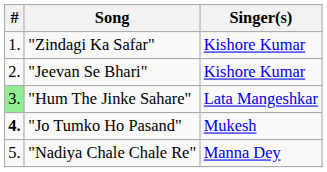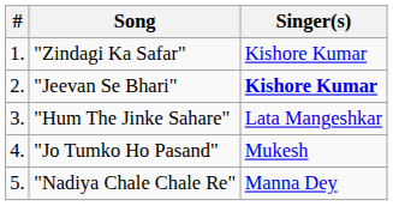 <table class="wikitable" style="font-size:95%;">
 <tr>
 <th>#</th>
 <th>Song</th>
 <th>Singer(s)</th>
 </tr>
 <tr>
 <td>1.</td>
 <td>"Zindagi Ka Safar"</td>
 <td><a href='#'>Kishore Kumar</a></td>
 </tr>
 <tr>
 <td>2.</td>
 <td>"Jeevan Se Bhari"</td>
-<td><a href='#'>Kishore Kumar</a></td>
+<td><strong><a href='#'>Kishore Kumar</a></strong></td>
 </tr>
 <tr>
-<td style="background: lightgreen;">3.</td>
+<td>3.</td>
 <td>"Hum The Jinke Sahare"</td>
 <td><a href='#'>Lata Mangeshkar</a></td>
 </tr>
 <tr>
-<td><strong>4.</strong></td>
+<td>4.</td>
 <td>"Jo Tumko Ho Pasand"</td>
 <td><a href='#'>Mukesh</a></td>
 </tr>
 <tr>
 <td>5.</td>
 <td>"Nadiya Chale Chale Re"</td>
 <td><a href='#'>Manna Dey</a></td>
 </tr>
 <tr>
 </tr>
 </table>
